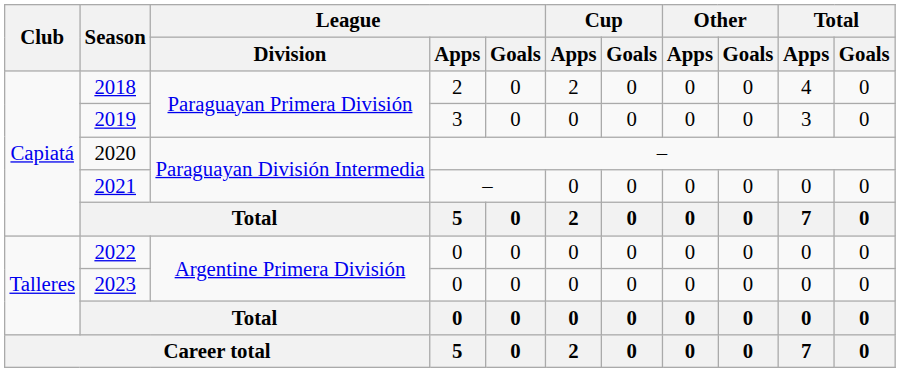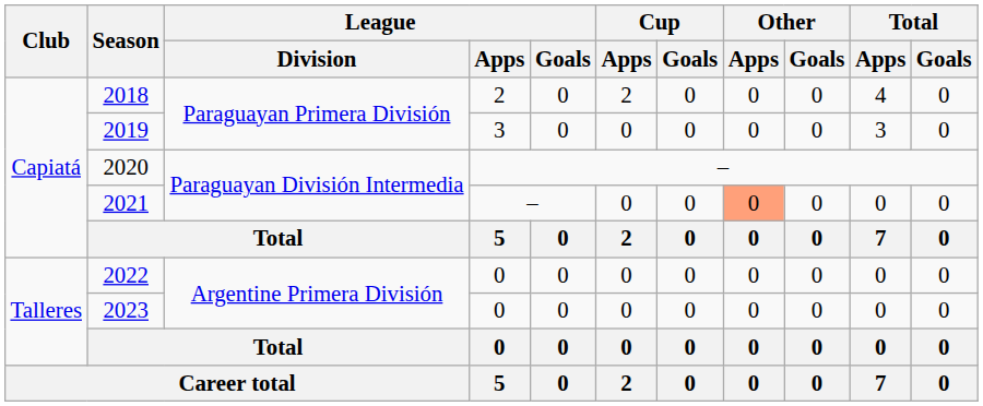 <table class="wikitable" style="text-align:center">
 <tr>
 <th rowspan="2">Club</th>
 <th rowspan="2">Season</th>
 <th colspan="3">League</th>
 <th colspan="2">Cup</th>
 <th colspan="2">Other</th>
 <th colspan="2">Total</th>
 </tr>
 <tr>
 <th>Division</th>
 <th>Apps</th>
 <th>Goals</th>
 <th>Apps</th>
 <th>Goals</th>
 <th>Apps</th>
 <th>Goals</th>
 <th>Apps</th>
 <th>Goals</th>
 </tr>
 <tr>
 <td rowspan="5"><a href='#'>Capiatá</a></td>
 <td><a href='#'>2018</a></td>
 <td rowspan="2"><a href='#'>Paraguayan Primera División</a></td>
 <td>2</td>
 <td>0</td>
 <td>2</td>
 <td>0</td>
 <td>0</td>
 <td>0</td>
 <td>4</td>
 <td>0</td>
 </tr>
 <tr>
 <td><a href='#'>2019</a></td>
 <td>3</td>
 <td>0</td>
 <td>0</td>
 <td>0</td>
 <td>0</td>
 <td>0</td>
 <td>3</td>
 <td>0</td>
 </tr>
 <tr>
 <td>2020</td>
 <td rowspan="2"><a href='#'>Paraguayan División Intermedia</a></td>
 <td colspan="8">–</td>
 </tr>
 <tr>
 <td><a href='#'>2021</a></td>
 <td colspan="2">–</td>
 <td>0</td>
 <td>0</td>
-<td>0</td>
+<td style="background: lightsalmon;">0</td>
 <td>0</td>
 <td>0</td>
 <td>0</td>
 </tr>
 <tr>
 <th colspan="2">Total</th>
 <th>5</th>
 <th>0</th>
 <th>2</th>
 <th>0</th>
 <th>0</th>
 <th>0</th>
 <th>7</th>
 <th>0</th>
 </tr>
 <tr>
 <td rowspan="3"><a href='#'>Talleres</a></td>
 <td><a href='#'>2022</a></td>
 <td rowspan="2"><a href='#'>Argentine Primera División</a></td>
 <td>0</td>
 <td>0</td>
 <td>0</td>
 <td>0</td>
 <td>0</td>
 <td>0</td>
 <td>0</td>
 <td>0</td>
 </tr>
 <tr>
 <td><a href='#'>2023</a></td>
 <td>0</td>
 <td>0</td>
 <td>0</td>
 <td>0</td>
 <td>0</td>
 <td>0</td>
 <td>0</td>
 <td>0</td>
 </tr>
 <tr>
 <th colspan="2">Total</th>
 <th>0</th>
 <th>0</th>
 <th>0</th>
 <th>0</th>
 <th>0</th>
 <th>0</th>
 <th>0</th>
 <th>0</th>
 </tr>
 <tr>
 <th colspan="3">Career total</th>
 <th>5</th>
 <th>0</th>
 <th>2</th>
 <th>0</th>
 <th>0</th>
 <th>0</th>
 <th>7</th>
 <th>0</th>
 </tr>
 </table>
